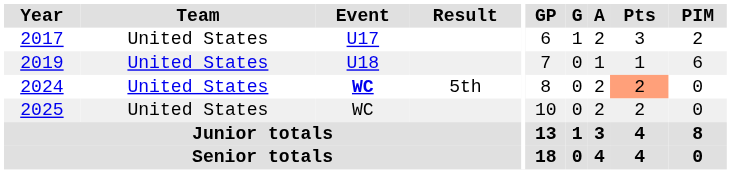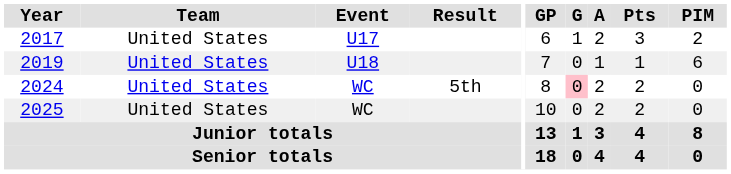 <table border="0" cellpadding="1" cellspacing="0" ID="Table3" style="text-align:center; width:40em;">
 <tr bgcolor="#e0e0e0">
 <th>Year</th>
 <th>Team</th>
 <th>Event</th>
 <th>Result</th>
 <th rowspan="99" bgcolor="#ffffff"></th>
 <th>GP</th>
 <th>G</th>
 <th>A</th>
 <th>Pts</th>
 <th>PIM</th>
 </tr>
 <tr>
 <td><a href='#'>2017</a></td>
 <td>United States</td>
 <td><a href='#'>U17</a></td>
 <td></td>
 <td>6</td>
 <td>1</td>
 <td>2</td>
 <td>3</td>
 <td>2</td>
 </tr>
 <tr bgcolor="#f0f0f0">
 <td><a href='#'>2019</a></td>
 <td><a href='#'>United States</a></td>
 <td><a href='#'>U18</a></td>
 <td></td>
 <td>7</td>
 <td>0</td>
 <td>1</td>
 <td>1</td>
 <td>6</td>
 </tr>
 <tr>
 <td><a href='#'>2024</a></td>
 <td><a href='#'>United States</a></td>
-<td><strong><a href='#'>WC</a></strong></td>
+<td><a href='#'>WC</a></td>
 <td>5th</td>
 <td>8</td>
-<td>0</td>
+<td style="background: pink;">0</td>
 <td>2</td>
-<td style="background: lightsalmon;">2</td>
+<td>2</td>
 <td>0</td>
 </tr>
 <tr bgcolor="#f0f0f0">
 <td><a href='#'>2025</a></td>
 <td>United States</td>
 <td>WC</td>
 <td></td>
 <td>10</td>
 <td>0</td>
 <td>2</td>
 <td>2</td>
 <td>0</td>
 </tr>
 <tr bgcolor="#e0e0e0">
 <th colspan="4">Junior totals</th>
 <th>13</th>
 <th>1</th>
 <th>3</th>
 <th>4</th>
 <th>8</th>
 </tr>
 <tr bgcolor="#e0e0e0">
 <th colspan="4">Senior totals</th>
 <th>18</th>
 <th>0</th>
 <th>4</th>
 <th>4</th>
 <th>0</th>
 </tr>
 </table>
